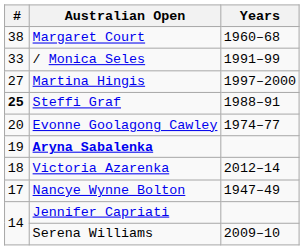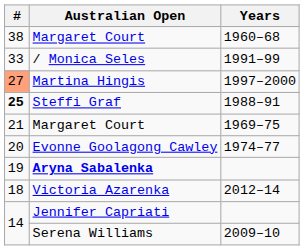 <table class="wikitable" style="display:inline-table;">
 <tr>
 <th style="width:18px;">#</th>
 <th>Australian Open</th>
 <th>Years</th>
 </tr>
 <tr>
 <td>38</td>
 <td> <a href='#'>Margaret Court</a></td>
 <td>1960–68</td>
 </tr>
 <tr>
 <td>33</td>
 <td>/ <a href='#'>Monica Seles</a></td>
 <td>1991–99</td>
 </tr>
 <tr>
-<td>27</td>
+<td style="background: lightsalmon;">27</td>
 <td> <a href='#'>Martina Hingis</a></td>
 <td>1997–2000</td>
 </tr>
 <tr>
 <td><strong>25</strong></td>
 <td> <a href='#'>Steffi Graf</a></td>
 <td>1988–91</td>
+</tr>
+<tr>
+<td>21</td>
+<td> Margaret Court</td>
+<td>1969–75</td>
 </tr>
 <tr>
 <td>20</td>
 <td> <a href='#'>Evonne Goolagong Cawley</a></td>
 <td>1974–77</td>
 </tr>
 <tr>
 <td>19</td>
 <td> <strong><a href='#'>Aryna Sabalenka</a></strong></td>
 <td></td>
 </tr>
 <tr>
 <td>18</td>
 <td> <a href='#'>Victoria Azarenka</a></td>
 <td>2012–14</td>
 </tr>
 <tr>
-<td>17</td>
-<td> <a href='#'>Nancye Wynne Bolton</a></td>
-<td>1947–49</td>
-</tr>
-<tr>
 <td rowspan=2>14</td>
 <td> <a href='#'>Jennifer Capriati</a></td>
 <td></td>
 </tr>
 <tr>
 <td> Serena Williams</td>
 <td>2009–10<br></td>
 </tr>
 </table>
